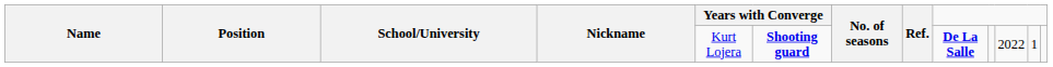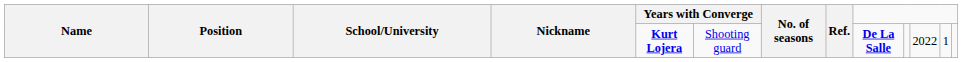 <table class="wikitable sortable" style="text-align:center" width="98%">
 <tr>
 <th style="width:180px;" rowspan="2">Name</th>
 <th style="width:180px;" rowspan="2">Position</th>
 <th style="width:250px;" rowspan="2">School/University</th>
 <th style="width:180px;" rowspan="2">Nickname</th>
 <th style="width:180px; text-align:center;" colspan="2">Years with Converge</th>
 <th rowspan="2">No. of seasons</th>
 <th rowspan="2"; class=unsortable>Ref.</th>
 </tr>
 <tr>
-<td><a href='#'>Kurt Lojera</a></td>
-<td><strong><a href='#'>Shooting guard</a></strong></td>
+<td><strong><a href='#'>Kurt Lojera</a></strong></td>
+<td><a href='#'>Shooting guard</a></td>
 <td><strong><a href='#'>De La Salle</a></strong></td>
 <td></td>
 <td colspan="2">2022</td>
 <td>1</td>
 <td></td>
 </tr>
 </table>
